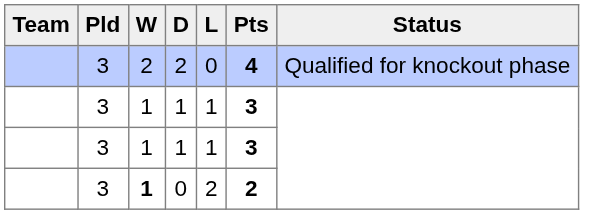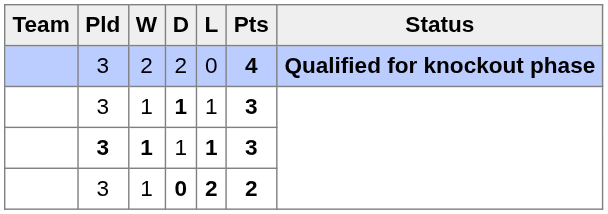 <table style=border-collapse:collapse border=1 cellspacing=0 cellpadding=5>
 <tr align=center bgcolor=#efefef>
 <th>Team</th>
 <th>Pld</th>
 <th>W</th>
 <th>D</th>
 <th>L</th>
 <th>Pts</th>
 <th>Status</th>
 </tr>
 <tr align=center style="background:#bbccff;">
 <td style="text-align:left;"> </td>
 <td>3</td>
 <td>2</td>
 <td>2</td>
 <td>0</td>
 <td><strong>4</strong></td>
-<td rowspan=1>Qualified for knockout phase</td>
+<td rowspan=1><strong>Qualified for knockout phase</strong></td>
 </tr>
 <tr align=center style="background:#FFFFFF;">
 <td style="text-align:left;"> </td>
 <td>3</td>
 <td>1</td>
-<td>1</td>
+<td><strong>1</strong></td>
 <td>1</td>
 <td><strong>3</strong></td>
 <td rowspan=3></td>
 </tr>
 <tr align=center style="background:#FFFFFF;">
 <td style="text-align:left;"> </td>
-<td>3</td>
+<td><strong>3</strong></td>
+<td><strong>1</strong></td>
 <td>1</td>
-<td>1</td>
-<td>1</td>
+<td><strong>1</strong></td>
 <td><strong>3</strong></td>
 </tr>
 <tr align=center style="background:#FFFFFF;">
 <td style="text-align:left;"> </td>
 <td>3</td>
-<td><strong>1</strong></td>
-<td>0</td>
-<td>2</td>
+<td>1</td>
+<td><strong>0</strong></td>
+<td><strong>2</strong></td>
 <td><strong>2</strong></td>
 </tr>
 </table>
